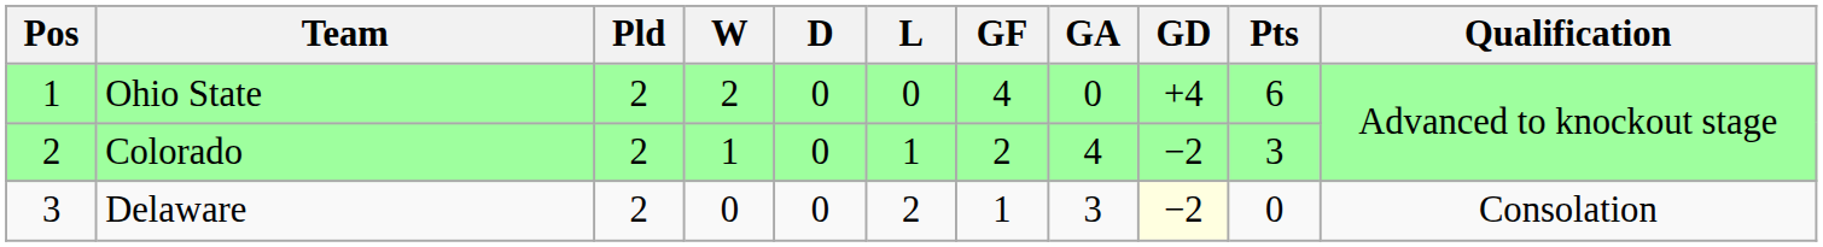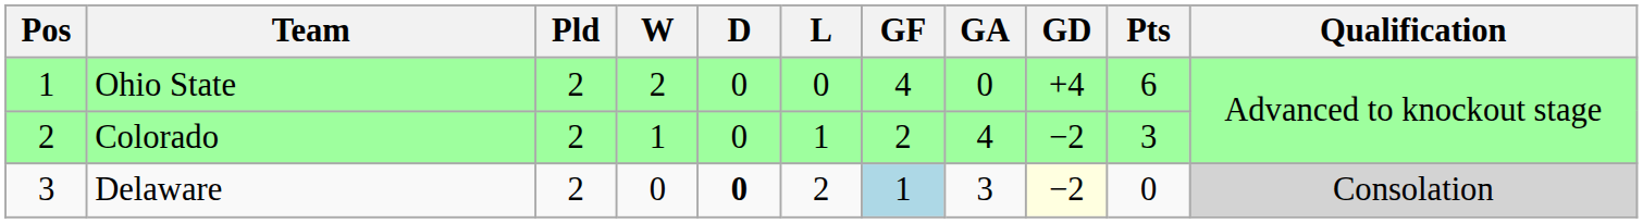 <table class="wikitable" style="text-align:center; margin: 1em auto">
 <tr>
 <th style=width:2em>Pos</th>
 <th style=width:13em>Team</th>
 <th style=width:2em>Pld</th>
 <th style=width:2em>W</th>
 <th style=width:2em>D</th>
 <th style=width:2em>L</th>
 <th style=width:2em>GF</th>
 <th style=width:2em>GA</th>
 <th style=width:2em>GD</th>
 <th style=width:2em>Pts</th>
 <th style=width:13em>Qualification</th>
 </tr>
 <tr bgcolor="#9eff9e">
 <td>1</td>
 <td style="text-align:left">Ohio State</td>
 <td>2</td>
 <td>2</td>
 <td>0</td>
 <td>0</td>
 <td>4</td>
 <td>0</td>
 <td>+4</td>
 <td>6</td>
 <td rowspan="2">Advanced to knockout stage</td>
 </tr>
 <tr bgcolor="#9eff9e">
 <td>2</td>
 <td style="text-align:left">Colorado</td>
 <td>2</td>
 <td>1</td>
 <td>0</td>
 <td>1</td>
 <td>2</td>
 <td>4</td>
 <td>−2</td>
 <td>3</td>
 </tr>
 <tr>
 <td>3</td>
 <td style="text-align:left">Delaware</td>
 <td>2</td>
 <td>0</td>
-<td>0</td>
+<td><strong>0</strong></td>
 <td>2</td>
-<td>1</td>
+<td style="background: lightblue;">1</td>
 <td>3</td>
 <td style="background: lightyellow;">−2</td>
 <td>0</td>
-<td>Consolation</td>
+<td style="background: lightgrey;">Consolation</td>
 </tr>
 </table>
